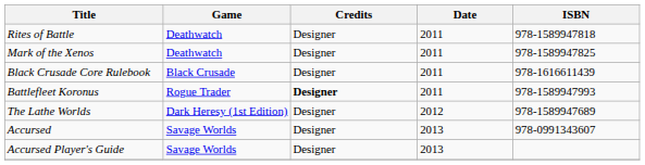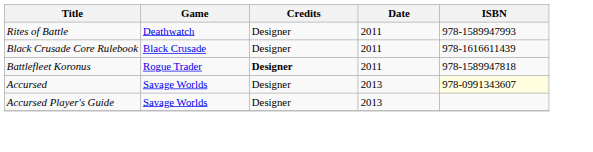 <table class="wikitable sortable" style="margins:auto; width=95%; font-size: 95%;">
 <tr>
 <th width="25%">Title</th>
 <th width="20%">Game</th>
 <th width="20%">Credits</th>
 <th width="15%">Date</th>
 <th width="20%">ISBN</th>
 </tr>
 <tr>
 <td><em>Rites of Battle</em></td>
 <td><a href='#'>Deathwatch</a></td>
 <td>Designer</td>
 <td>2011</td>
-<td>978-1589947818</td>
-</tr>
-<tr>
-<td><em>Mark of the Xenos</em></td>
-<td><a href='#'>Deathwatch</a></td>
-<td>Designer</td>
-<td>2011</td>
-<td>978-1589947825</td>
+<td>978-1589947993</td>
 </tr>
 <tr>
 <td><em>Black Crusade Core Rulebook</em></td>
 <td><a href='#'>Black Crusade</a></td>
 <td>Designer</td>
 <td>2011</td>
 <td>978-1616611439</td>
 </tr>
 <tr>
 <td><em>Battlefleet Koronus</em></td>
 <td><a href='#'>Rogue Trader</a></td>
 <td><strong>Designer</strong></td>
 <td>2011</td>
-<td>978-1589947993</td>
-</tr>
-<tr>
-<td><em>The Lathe Worlds</em></td>
-<td><a href='#'>Dark Heresy (1st Edition)</a></td>
-<td>Designer</td>
-<td>2012</td>
-<td>978-1589947689</td>
+<td>978-1589947818</td>
 </tr>
 <tr>
 <td><em>Accursed</em></td>
 <td><a href='#'>Savage Worlds</a></td>
 <td>Designer</td>
 <td>2013</td>
-<td>978-0991343607</td>
+<td style="background: lightyellow;">978-0991343607</td>
 </tr>
 <tr>
 <td><em>Accursed Player's Guide</em></td>
 <td><a href='#'>Savage Worlds</a></td>
 <td>Designer</td>
 <td>2013</td>
 <td></td>
 </tr>
 <tr>
 </tr>
 </table>
